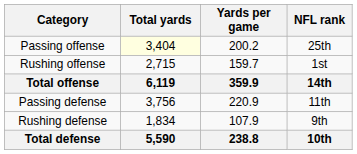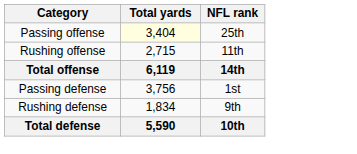 <table class="wikitable" style="text-align:center">
 <tr>
 <th width="150">Category</th>
 <th width="100">Total yards</th>
-<th width="110">Yards per game</th>
 <th width="80">NFL rank<br></th>
 </tr>
 <tr>
 <td>Passing offense</td>
 <td style="background: lightyellow;">3,404</td>
-<td>200.2</td>
 <td>25th</td>
 </tr>
 <tr>
 <td>Rushing offense</td>
 <td>2,715</td>
-<td>159.7</td>
-<td>1st</td>
+<td>11th</td>
 </tr>
 <tr>
 <th>Total offense</th>
 <th>6,119</th>
-<th>359.9</th>
 <th>14th</th>
 </tr>
 <tr>
 <td>Passing defense</td>
 <td>3,756</td>
-<td>220.9</td>
-<td>11th</td>
+<td>1st</td>
 </tr>
 <tr>
 <td>Rushing defense</td>
 <td>1,834</td>
-<td>107.9</td>
 <td>9th</td>
 </tr>
 <tr>
 <th>Total defense</th>
 <th>5,590</th>
-<th>238.8</th>
 <th>10th</th>
 </tr>
 </table>
